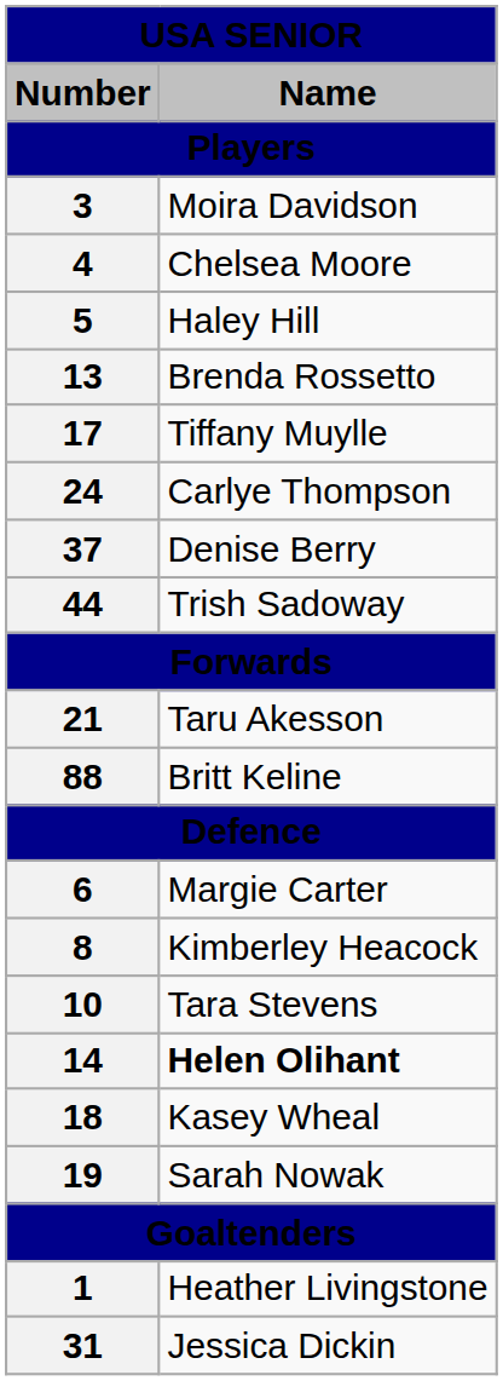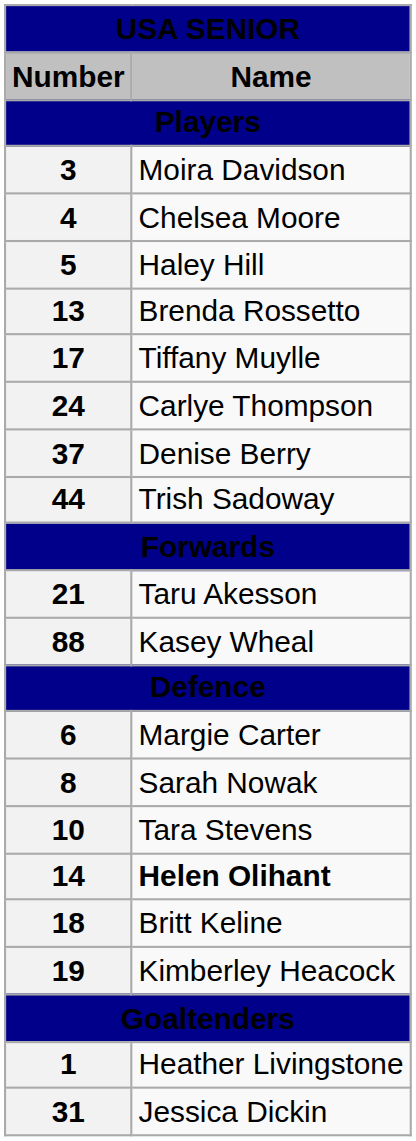 <table class="wikitable" style="text-align:left; font-size:90%;">
 <tr>
 <th style=background:DarkBlue colspan=4><span>USA SENIOR</span></th>
 </tr>
 <tr>
 <th width=10 style="background:silver;">Number</th>
 <th style="background:silver;">Name</th>
 </tr>
 <tr>
 <th style=background:DarkBlue colspan=4><span>Players</span></th>
 </tr>
 <tr>
 <th>3</th>
 <td>Moira Davidson</td>
 </tr>
 <tr>
 <th>4</th>
 <td>Chelsea Moore</td>
 </tr>
 <tr>
 <th>5</th>
 <td>Haley Hill</td>
 </tr>
 <tr>
 <th>13</th>
 <td>Brenda Rossetto</td>
 </tr>
 <tr>
 <th>17</th>
 <td>Tiffany Muylle</td>
 </tr>
 <tr>
 <th>24</th>
 <td>Carlye Thompson</td>
 </tr>
 <tr>
 <th>37</th>
 <td>Denise Berry</td>
 </tr>
 <tr>
 <th>44</th>
 <td>Trish Sadoway</td>
 </tr>
 <tr>
 <th style=background:DarkBlue colspan=4><span>Forwards</span></th>
 </tr>
 <tr>
 <th>21</th>
 <td>Taru Akesson</td>
 </tr>
 <tr>
 <th>88</th>
-<td>Britt Keline</td>
+<td>Kasey Wheal</td>
 </tr>
 <tr>
 <th style=background:DarkBlue colspan=4><span>Defence</span></th>
 </tr>
 <tr>
 <th>6</th>
 <td>Margie Carter</td>
 </tr>
 <tr>
 <th>8</th>
-<td>Kimberley Heacock</td>
+<td>Sarah Nowak</td>
 </tr>
 <tr>
 <th>10</th>
 <td>Tara Stevens</td>
 </tr>
 <tr>
 <th>14</th>
 <td><strong>Helen Olihant</strong></td>
 </tr>
 <tr>
 <th>18</th>
-<td>Kasey Wheal</td>
+<td>Britt Keline</td>
 </tr>
 <tr>
 <th>19</th>
-<td>Sarah Nowak</td>
+<td>Kimberley Heacock</td>
 </tr>
 <tr>
 <th style=background:DarkBlue colspan=4><span>Goaltenders</span></th>
 </tr>
 <tr>
 <th>1</th>
 <td>Heather Livingstone</td>
 </tr>
 <tr>
 <th>31</th>
 <td>Jessica Dickin</td>
 </tr>
 </table>
